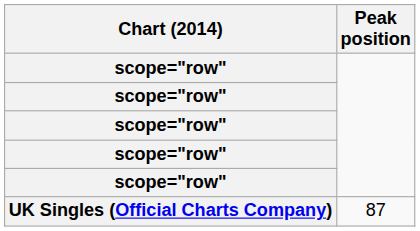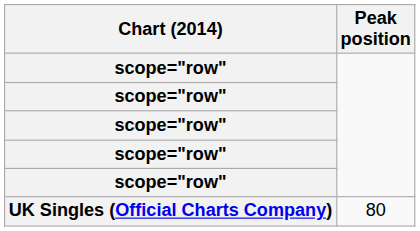 <table class="wikitable sortable plainrowheaders" style="text-align: center;">
 <tr>
 <th scope="col">Chart (2014)</th>
 <th scope="col">Peak<br>position</th>
 </tr>
 <tr>
 <th>scope="row"</th>
 </tr>
 <tr>
 <th>scope="row"</th>
 </tr>
 <tr>
 <th>scope="row"</th>
 </tr>
 <tr>
 <th>scope="row"</th>
 </tr>
 <tr>
 <th>scope="row"</th>
 </tr>
 <tr>
 <th scope="row">UK Singles (<a href='#'>Official Charts Company</a>)</th>
-<td>87</td>
+<td>80</td>
 </tr>
 </table>
